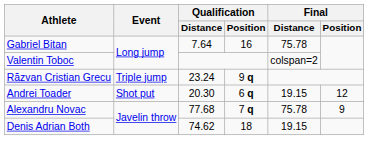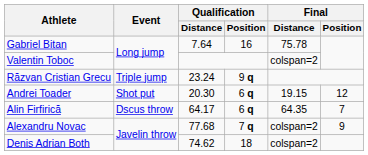 <table class="wikitable" style="font-size:90%">
 <tr>
 <th rowspan="2">Athlete</th>
 <th rowspan="2">Event</th>
 <th colspan="2">Qualification</th>
 <th colspan="2">Final</th>
 </tr>
 <tr style="font-size:95%">
 <th>Distance</th>
 <th>Position</th>
 <th>Distance</th>
 <th>Position</th>
 </tr>
 <tr align="center">
 <td align="left"><a href='#'>Gabriel Bitan</a></td>
 <td align="left" rowspan=2><a href='#'>Long jump</a></td>
 <td>7.64</td>
 <td>16</td>
 <td>75.78</td>
 </tr>
 <tr align="center">
 <td align="left"><a href='#'>Valentin Toboc</a></td>
 <td colspan=2></td>
 <td>colspan=2 </td>
 </tr>
 <tr align="center">
 <td align="left"><a href='#'>Răzvan Cristian Grecu</a></td>
 <td align="left"><a href='#'>Triple jump</a></td>
 <td>23.24</td>
 <td>9 <strong>q</strong></td>
 <td colspan=2></td>
 </tr>
 <tr align="center">
 <td align="left"><a href='#'>Andrei Toader</a></td>
 <td align="left"><a href='#'>Shot put</a></td>
 <td>20.30</td>
 <td>6 <strong>q</strong></td>
 <td>19.15</td>
 <td>12</td>
 </tr>
 <tr align="center">
+<td align="left"><a href='#'>Alin Firfirică</a></td>
+<td align="left"><a href='#'>Dscus throw</a></td>
+<td>64.17</td>
+<td>6 <strong>q</strong></td>
+<td>64.35</td>
+<td>7</td>
+</tr>
+<tr align="center">
 <td align="left"><a href='#'>Alexandru Novac</a></td>
 <td align="left" rowspan=2><a href='#'>Javelin throw</a></td>
 <td>77.68</td>
 <td>7 <strong>q</strong></td>
-<td>75.78</td>
+<td>colspan=2 </td>
 <td>9</td>
 </tr>
 <tr align="center">
 <td align="left"><a href='#'>Denis Adrian Both</a></td>
 <td>74.62</td>
 <td>18</td>
-<td>19.15</td>
+<td>colspan=2 </td>
 </tr>
 </table>
